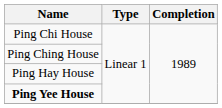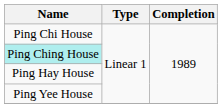 <table class="wikitable" style="text-align: center">
 <tr>
 <th>Name</th>
 <th>Type</th>
 <th>Completion</th>
 </tr>
 <tr>
 <td>Ping Chi House</td>
 <td rowspan="4">Linear 1</td>
 <td rowspan="4">1989</td>
 </tr>
 <tr>
-<td>Ping Ching House</td>
+<td style="background: paleturquoise;">Ping Ching House</td>
 </tr>
 <tr>
 <td>Ping Hay House</td>
 </tr>
 <tr>
-<td><strong>Ping Yee House</strong></td>
+<td>Ping Yee House</td>
 </tr>
 <tr>
 </tr>
 </table>
